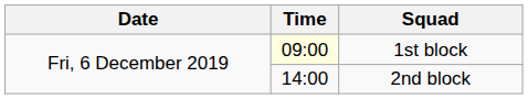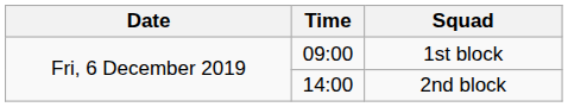 <table class = "wikitable" style="text-align:center;">
 <tr>
 <th width=220>Date</th>
 <th width=50>Time</th>
 <th width=150>Squad</th>
 </tr>
 <tr>
 <td rowspan=2>Fri, 6 December 2019</td>
-<td style="background: lightyellow;">09:00</td>
+<td>09:00</td>
 <td>1st block</td>
 </tr>
 <tr>
 <td>14:00</td>
 <td>2nd block</td>
 </tr>
 </table>
